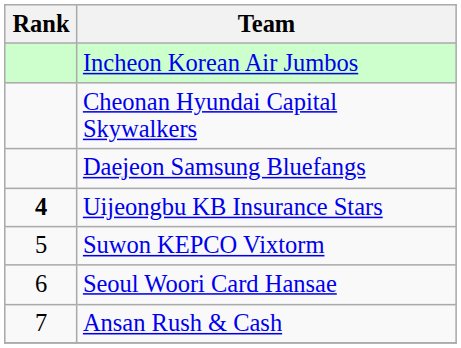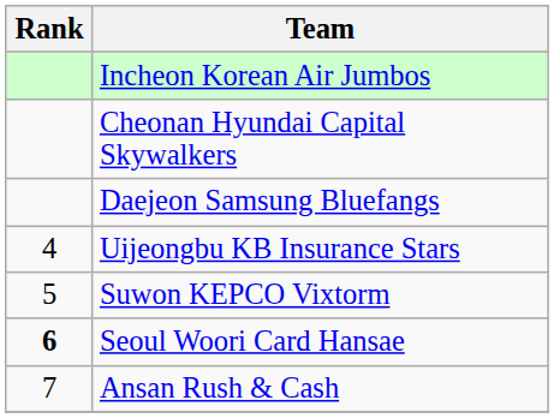 <table class="wikitable" style="text-align: center;">
 <tr>
 <th width=40>Rank</th>
 <th width=240>Team</th>
 </tr>
 <tr bgcolor=#ccffcc>
 <td></td>
 <td align=left><a href='#'>Incheon Korean Air Jumbos</a></td>
 </tr>
 <tr>
 <td></td>
 <td align=left><a href='#'>Cheonan Hyundai Capital Skywalkers</a></td>
 </tr>
 <tr>
 <td></td>
 <td align=left><a href='#'>Daejeon Samsung Bluefangs</a></td>
 </tr>
 <tr>
-<td><strong>4</strong></td>
+<td>4</td>
 <td align=left><a href='#'>Uijeongbu KB Insurance Stars</a></td>
 </tr>
 <tr>
 <td>5</td>
 <td align=left><a href='#'>Suwon KEPCO Vixtorm</a></td>
 </tr>
 <tr>
-<td>6</td>
+<td><strong>6</strong></td>
 <td align=left><a href='#'>Seoul Woori Card Hansae</a></td>
 </tr>
 <tr>
 <td>7</td>
 <td align=left><a href='#'>Ansan Rush & Cash</a></td>
 </tr>
 <tr>
 </tr>
 </table>
